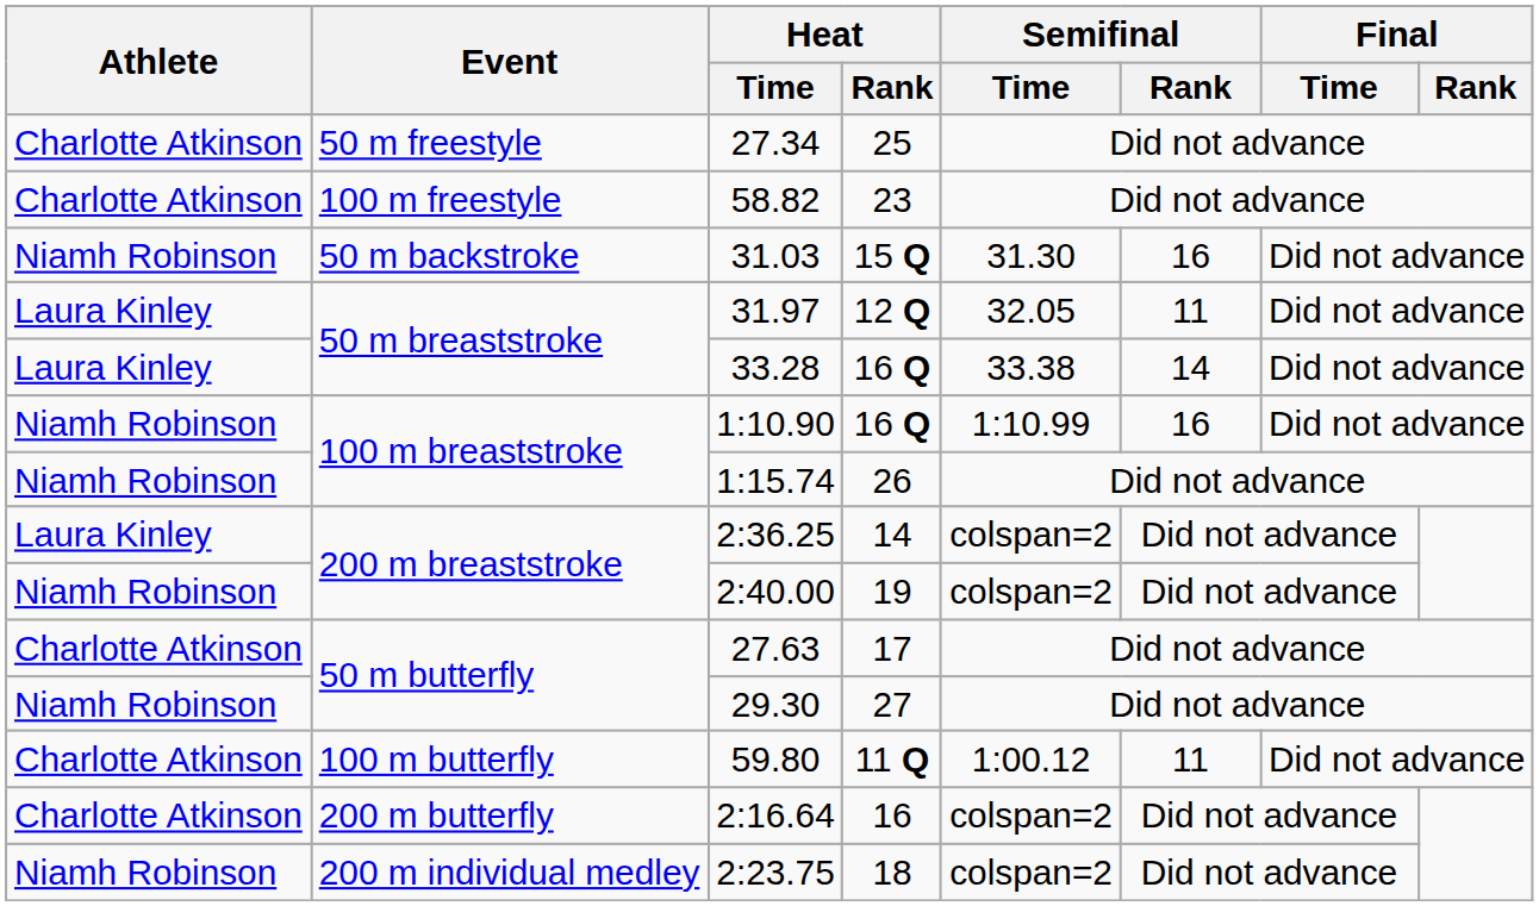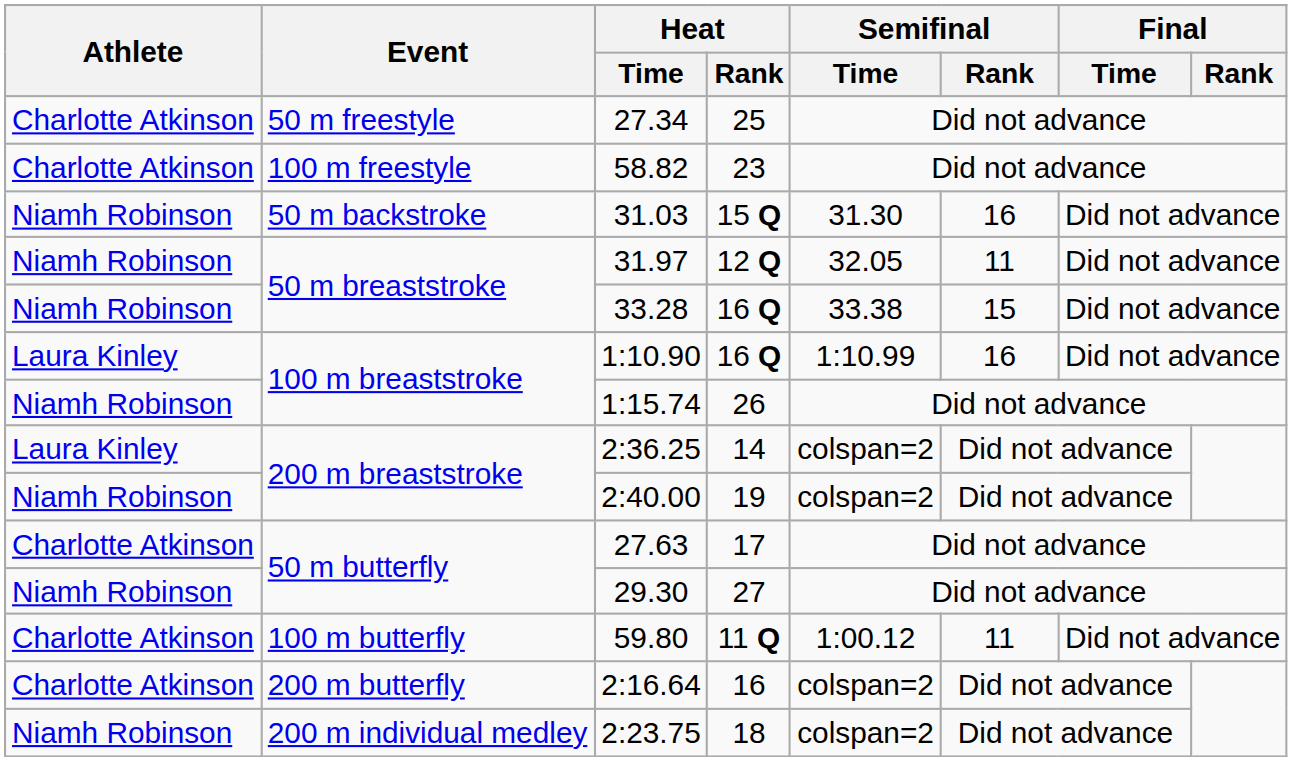 <table class=wikitable style=font-size:90%>
 <tr>
 <th rowspan=2>Athlete</th>
 <th rowspan=2>Event</th>
 <th colspan=2>Heat</th>
 <th colspan=2>Semifinal</th>
 <th colspan=2>Final</th>
 </tr>
 <tr style=font-size:95%>
 <th>Time</th>
 <th>Rank</th>
 <th>Time</th>
 <th>Rank</th>
 <th>Time</th>
 <th>Rank</th>
 </tr>
 <tr align=center>
 <td align=left><a href='#'>Charlotte Atkinson</a></td>
 <td align=left><a href='#'>50 m freestyle</a></td>
 <td>27.34</td>
 <td>25</td>
 <td colspan=4>Did not advance</td>
 </tr>
 <tr align=center>
 <td align=left><a href='#'>Charlotte Atkinson</a></td>
 <td align=left><a href='#'>100 m freestyle</a></td>
 <td>58.82</td>
 <td>23</td>
 <td colspan=4>Did not advance</td>
 </tr>
 <tr align=center>
 <td align=left><a href='#'>Niamh Robinson</a></td>
 <td align=left><a href='#'>50 m backstroke</a></td>
 <td>31.03</td>
 <td>15 <strong>Q</strong></td>
 <td>31.30</td>
 <td>16</td>
 <td colspan=2>Did not advance</td>
 </tr>
 <tr align=center>
-<td align=left><a href='#'>Laura Kinley</a></td>
+<td align=left><a href='#'>Niamh Robinson</a></td>
 <td align=left rowspan=2><a href='#'>50 m breaststroke</a></td>
 <td>31.97</td>
 <td>12 <strong>Q</strong></td>
 <td>32.05</td>
 <td>11</td>
 <td colspan=2>Did not advance</td>
 </tr>
 <tr align=center>
-<td align=left><a href='#'>Laura Kinley</a></td>
+<td align=left><a href='#'>Niamh Robinson</a></td>
 <td>33.28</td>
 <td>16 <strong>Q</strong></td>
 <td>33.38</td>
-<td>14</td>
+<td>15</td>
 <td colspan=2>Did not advance</td>
 </tr>
 <tr align=center>
-<td align=left><a href='#'>Niamh Robinson</a></td>
+<td align=left><a href='#'>Laura Kinley</a></td>
 <td align=left rowspan=2><a href='#'>100 m breaststroke</a></td>
 <td>1:10.90</td>
 <td>16 <strong>Q</strong></td>
 <td>1:10.99</td>
 <td>16</td>
 <td colspan=2>Did not advance</td>
 </tr>
 <tr align=center>
 <td align=left><a href='#'>Niamh Robinson</a></td>
 <td>1:15.74</td>
 <td>26</td>
 <td colspan=4>Did not advance</td>
 </tr>
 <tr align=center>
 <td align=left><a href='#'>Laura Kinley</a></td>
 <td align=left rowspan=2><a href='#'>200 m breaststroke</a></td>
 <td>2:36.25</td>
 <td>14</td>
 <td>colspan=2 </td>
 <td colspan=2>Did not advance</td>
 </tr>
 <tr align=center>
 <td align=left><a href='#'>Niamh Robinson</a></td>
 <td>2:40.00</td>
 <td>19</td>
 <td>colspan=2 </td>
 <td colspan=2>Did not advance</td>
 </tr>
 <tr align=center>
 <td align=left><a href='#'>Charlotte Atkinson</a></td>
 <td align=left rowspan=2><a href='#'>50 m butterfly</a></td>
 <td>27.63</td>
 <td>17</td>
 <td colspan=4>Did not advance</td>
 </tr>
 <tr align=center>
 <td align=left><a href='#'>Niamh Robinson</a></td>
 <td>29.30</td>
 <td>27</td>
 <td colspan=4>Did not advance</td>
 </tr>
 <tr align=center>
 <td align=left><a href='#'>Charlotte Atkinson</a></td>
 <td align=left><a href='#'>100 m butterfly</a></td>
 <td>59.80</td>
 <td>11 <strong>Q</strong></td>
 <td>1:00.12</td>
 <td>11</td>
 <td colspan=2>Did not advance</td>
 </tr>
 <tr align=center>
 <td align=left><a href='#'>Charlotte Atkinson</a></td>
 <td align=left><a href='#'>200 m butterfly</a></td>
 <td>2:16.64</td>
 <td>16</td>
 <td>colspan=2 </td>
 <td colspan=2>Did not advance</td>
 </tr>
 <tr align=center>
 <td align=left><a href='#'>Niamh Robinson</a></td>
 <td align=left><a href='#'>200 m individual medley</a></td>
 <td>2:23.75</td>
 <td>18</td>
 <td>colspan=2 </td>
 <td colspan=2>Did not advance</td>
 </tr>
 </table>
